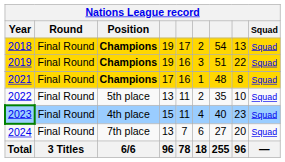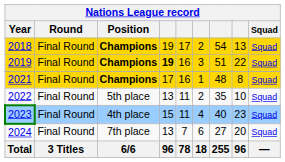 <table class="wikitable" style="text-align: center;">
 <tr>
 <th colspan=9><a href='#'>Nations League record</a></th>
 </tr>
 <tr>
 <th>Year</th>
 <th>Round</th>
 <th>Position</th>
 <th></th>
 <th></th>
 <th></th>
 <th></th>
 <th></th>
 <th><small>Squad</small></th>
 </tr>
 <tr bgcolor=gold>
 <td> <a href='#'>2018</a></td>
 <td>Final Round</td>
 <td><strong>Champions</strong></td>
 <td>19</td>
 <td>17</td>
 <td>2</td>
 <td>54</td>
 <td>13</td>
 <td><small><a href='#'>Squad</a></small></td>
 </tr>
 <tr bgcolor=gold>
 <td>  <a href='#'>2019</a></td>
 <td>Final Round</td>
 <td><strong>Champions</strong></td>
-<td>19</td>
+<td><strong>19</strong></td>
 <td>16</td>
 <td>3</td>
 <td>51</td>
 <td>22</td>
 <td><small><a href='#'>Squad</a></small></td>
 </tr>
 <tr>
 </tr>
 <tr bgcolor=gold>
 <td>  <a href='#'>2021</a></td>
 <td>Final Round</td>
 <td><strong>Champions</strong></td>
 <td>17</td>
 <td>16</td>
 <td>1</td>
 <td>48</td>
 <td>8</td>
 <td><small><a href='#'>Squad</a></small></td>
 </tr>
 <tr>
 <td>  <a href='#'>2022</a></td>
 <td>Final Round</td>
 <td>5th place</td>
 <td>13</td>
 <td>11</td>
 <td>2</td>
 <td>35</td>
 <td>10</td>
 <td><small><a href='#'>Squad</a></small></td>
 </tr>
 <tr bgcolor=#9acdff>
 <td style="border: 3px solid green"> <a href='#'>2023</a></td>
 <td>Final Round</td>
 <td>4th place</td>
 <td>15</td>
 <td>11</td>
 <td>4</td>
 <td>40</td>
 <td>23</td>
 <td><small><a href='#'>Squad</a></small></td>
 </tr>
 <tr>
 <td> <a href='#'>2024</a></td>
 <td>Final Round</td>
 <td>7th place</td>
 <td>13</td>
 <td>7</td>
 <td>6</td>
 <td>27</td>
 <td>20</td>
 <td><small><a href='#'>Squad</a></small></td>
 </tr>
 <tr>
 <th>Total</th>
 <th>3 Titles</th>
 <th>6/6</th>
 <th>96</th>
 <th>78</th>
 <th>18</th>
 <th>255</th>
 <th>96</th>
 <th>—</th>
 </tr>
 </table>
